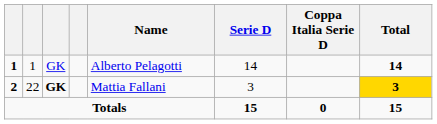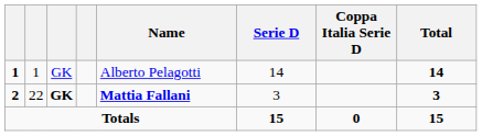 <table class="wikitable" style="text-align:center">
 <tr>
 <th width=15></th>
 <th width=15></th>
 <th width=15></th>
 <th width=15></th>
 <th width=145>Name</th>
 <th width=80><strong><a href='#'>Serie D</a></strong></th>
 <th width=80><strong>Coppa Italia Serie D</strong></th>
 <th width=80>Total</th>
 </tr>
 <tr>
 <td><strong>1</strong></td>
 <td>1</td>
 <td><a href='#'>GK</a></td>
 <td></td>
 <td align=left><a href='#'>Alberto Pelagotti</a></td>
 <td>14</td>
 <td></td>
 <td><strong>14</strong></td>
 </tr>
 <tr>
 <td><strong>2</strong></td>
 <td>22</td>
 <td><strong>GK</strong></td>
 <td></td>
-<td align=left><a href='#'>Mattia Fallani</a></td>
+<td align=left><strong><a href='#'>Mattia Fallani</a></strong></td>
 <td>3</td>
 <td></td>
-<td style="background: gold;"><strong>3</strong></td>
+<td><strong>3</strong></td>
 </tr>
 <tr>
 <td colspan=5><strong>Totals</strong></td>
 <td><strong>15</strong></td>
 <td><strong>0</strong></td>
 <td><strong>15</strong></td>
 </tr>
 </table>
